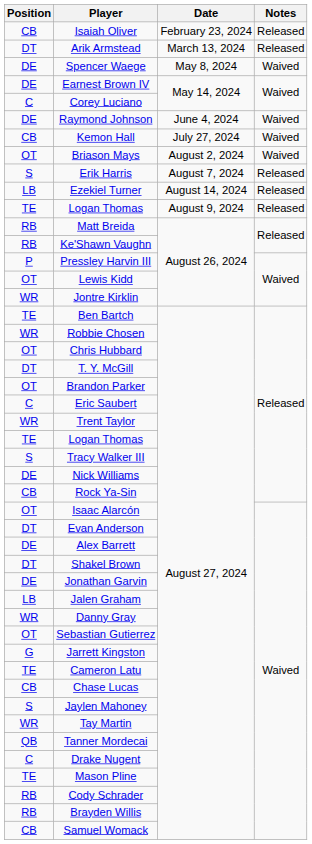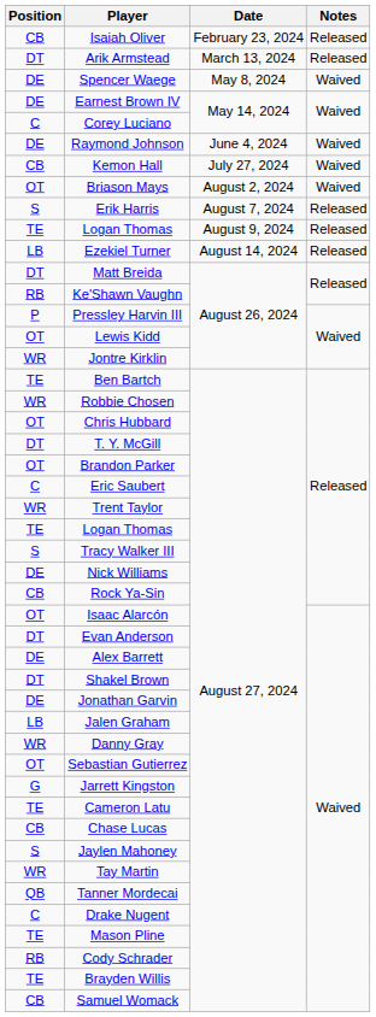 <table class="sortable wikitable" style="text-align:center">
 <tr>
 <th>Position</th>
 <th>Player</th>
 <th>Date</th>
 <th>Notes</th>
 </tr>
 <tr>
 <td><a href='#'>CB</a></td>
 <td><a href='#'>Isaiah Oliver</a></td>
 <td>February 23, 2024</td>
 <td>Released</td>
 </tr>
 <tr>
 <td><a href='#'>DT</a></td>
 <td><a href='#'>Arik Armstead</a></td>
 <td>March 13, 2024</td>
 <td>Released</td>
 </tr>
 <tr>
 <td><a href='#'>DE</a></td>
 <td><a href='#'>Spencer Waege</a></td>
 <td>May 8, 2024</td>
 <td>Waived</td>
 </tr>
 <tr>
 <td><a href='#'>DE</a></td>
 <td><a href='#'>Earnest Brown IV</a></td>
 <td rowspan="2">May 14, 2024</td>
 <td rowspan="2">Waived</td>
 </tr>
 <tr>
 <td><a href='#'>C</a></td>
 <td><a href='#'>Corey Luciano</a></td>
 </tr>
 <tr>
 <td><a href='#'>DE</a></td>
 <td><a href='#'>Raymond Johnson</a></td>
 <td>June 4, 2024</td>
 <td>Waived</td>
 </tr>
 <tr>
 <td><a href='#'>CB</a></td>
 <td><a href='#'>Kemon Hall</a></td>
 <td>July 27, 2024</td>
 <td>Waived</td>
 </tr>
 <tr>
 <td><a href='#'>OT</a></td>
 <td><a href='#'>Briason Mays</a></td>
 <td>August 2, 2024</td>
 <td>Waived</td>
 </tr>
 <tr>
 <td><a href='#'>S</a></td>
 <td><a href='#'>Erik Harris</a></td>
 <td>August 7, 2024</td>
 <td>Released</td>
 </tr>
 <tr>
+<td><a href='#'>TE</a></td>
+<td><a href='#'>Logan Thomas</a></td>
+<td>August 9, 2024</td>
+<td>Released</td>
+</tr>
+<tr>
 <td><a href='#'>LB</a></td>
 <td><a href='#'>Ezekiel Turner</a></td>
 <td>August 14, 2024</td>
 <td>Released</td>
 </tr>
 <tr>
-<td><a href='#'>TE</a></td>
-<td><a href='#'>Logan Thomas</a></td>
-<td>August 9, 2024</td>
-<td>Released</td>
-</tr>
-<tr>
-<td><a href='#'>RB</a></td>
+<td><a href='#'>DT</a></td>
 <td><a href='#'>Matt Breida</a></td>
 <td rowspan="5">August 26, 2024</td>
 <td rowspan="2">Released</td>
 </tr>
 <tr>
 <td><a href='#'>RB</a></td>
 <td><a href='#'>Ke'Shawn Vaughn</a></td>
 </tr>
 <tr>
 <td><a href='#'>P</a></td>
 <td><a href='#'>Pressley Harvin III</a></td>
 <td rowspan="3">Waived</td>
 </tr>
 <tr>
 <td><a href='#'>OT</a></td>
 <td><a href='#'>Lewis Kidd</a></td>
 </tr>
 <tr>
 <td><a href='#'>WR</a></td>
 <td><a href='#'>Jontre Kirklin</a></td>
 </tr>
 <tr>
 <td><a href='#'>TE</a></td>
 <td><a href='#'>Ben Bartch</a></td>
 <td rowspan="30">August 27, 2024</td>
 <td rowspan="11">Released</td>
 </tr>
 <tr>
 <td><a href='#'>WR</a></td>
 <td><a href='#'>Robbie Chosen</a></td>
 </tr>
 <tr>
 <td><a href='#'>OT</a></td>
 <td><a href='#'>Chris Hubbard</a></td>
 </tr>
 <tr>
 <td><a href='#'>DT</a></td>
 <td><a href='#'>T. Y. McGill</a></td>
 </tr>
 <tr>
 <td><a href='#'>OT</a></td>
 <td><a href='#'>Brandon Parker</a></td>
 </tr>
 <tr>
 <td><a href='#'>C</a></td>
 <td><a href='#'>Eric Saubert</a></td>
 </tr>
 <tr>
 <td><a href='#'>WR</a></td>
 <td><a href='#'>Trent Taylor</a></td>
 </tr>
 <tr>
 <td><a href='#'>TE</a></td>
 <td><a href='#'>Logan Thomas</a></td>
 </tr>
 <tr>
 <td><a href='#'>S</a></td>
 <td><a href='#'>Tracy Walker III</a></td>
 </tr>
 <tr>
 <td><a href='#'>DE</a></td>
 <td><a href='#'>Nick Williams</a></td>
 </tr>
 <tr>
 <td><a href='#'>CB</a></td>
 <td><a href='#'>Rock Ya-Sin</a></td>
 </tr>
 <tr>
 <td><a href='#'>OT</a></td>
 <td><a href='#'>Isaac Alarcón</a></td>
 <td rowspan="19">Waived</td>
 </tr>
 <tr>
 <td><a href='#'>DT</a></td>
 <td><a href='#'>Evan Anderson</a></td>
 </tr>
 <tr>
 <td><a href='#'>DE</a></td>
 <td><a href='#'>Alex Barrett</a></td>
 </tr>
 <tr>
 <td><a href='#'>DT</a></td>
 <td><a href='#'>Shakel Brown</a></td>
 </tr>
 <tr>
 <td><a href='#'>DE</a></td>
 <td><a href='#'>Jonathan Garvin</a></td>
 </tr>
 <tr>
 <td><a href='#'>LB</a></td>
 <td><a href='#'>Jalen Graham</a></td>
 </tr>
 <tr>
 <td><a href='#'>WR</a></td>
 <td><a href='#'>Danny Gray</a></td>
 </tr>
 <tr>
 <td><a href='#'>OT</a></td>
 <td><a href='#'>Sebastian Gutierrez</a></td>
 </tr>
 <tr>
 <td><a href='#'>G</a></td>
 <td><a href='#'>Jarrett Kingston</a></td>
 </tr>
 <tr>
 <td><a href='#'>TE</a></td>
 <td><a href='#'>Cameron Latu</a></td>
 </tr>
 <tr>
 <td><a href='#'>CB</a></td>
 <td><a href='#'>Chase Lucas</a></td>
 </tr>
 <tr>
 <td><a href='#'>S</a></td>
 <td><a href='#'>Jaylen Mahoney</a></td>
 </tr>
 <tr>
 <td><a href='#'>WR</a></td>
 <td><a href='#'>Tay Martin</a></td>
 </tr>
 <tr>
 <td><a href='#'>QB</a></td>
 <td><a href='#'>Tanner Mordecai</a></td>
 </tr>
 <tr>
 <td><a href='#'>C</a></td>
 <td><a href='#'>Drake Nugent</a></td>
 </tr>
 <tr>
 <td><a href='#'>TE</a></td>
 <td><a href='#'>Mason Pline</a></td>
 </tr>
 <tr>
 <td><a href='#'>RB</a></td>
 <td><a href='#'>Cody Schrader</a></td>
 </tr>
 <tr>
-<td><a href='#'>RB</a></td>
+<td><a href='#'>TE</a></td>
 <td><a href='#'>Brayden Willis</a></td>
 </tr>
 <tr>
 <td><a href='#'>CB</a></td>
 <td><a href='#'>Samuel Womack</a></td>
 </tr>
 </table>
